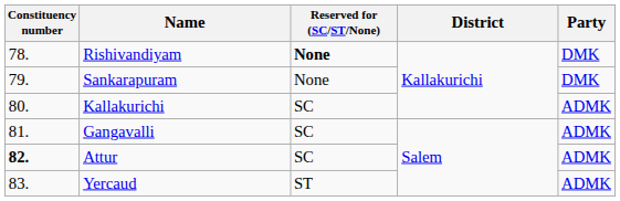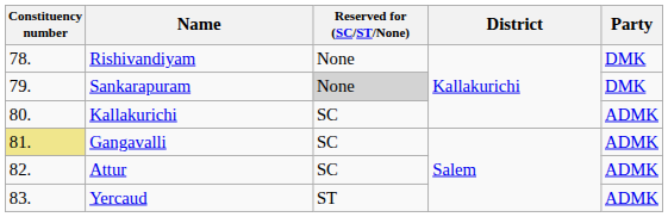 <table class="wikitable sortable">
 <tr>
 <th width="50px" style="font-size:75%">Constituency number</th>
 <th width="200px">Name</th>
 <th width="100px" style="font-size:75%">Reserved for (<a href='#'>SC</a>/<a href='#'>ST</a>/None)</th>
 <th width="150px">District</th>
 <th>Party</th>
 </tr>
 <tr>
 <td>78.</td>
 <td><a href='#'>Rishivandiyam</a></td>
-<td><strong>None</strong></td>
+<td>None</td>
 <td rowspan="3"><a href='#'>Kallakurichi</a></td>
 <td><a href='#'>DMK</a></td>
 </tr>
 <tr>
 <td>79.</td>
 <td><a href='#'>Sankarapuram</a></td>
-<td>None</td>
+<td style="background: lightgrey;">None</td>
 <td><a href='#'>DMK</a></td>
 </tr>
 <tr>
 <td>80.</td>
 <td><a href='#'>Kallakurichi</a></td>
 <td>SC</td>
 <td><a href='#'>ADMK</a></td>
 </tr>
 <tr>
-<td>81.</td>
+<td style="background: khaki;">81.</td>
 <td><a href='#'>Gangavalli</a></td>
 <td>SC</td>
 <td rowspan="3"><a href='#'>Salem</a></td>
 <td><a href='#'>ADMK</a></td>
 </tr>
 <tr>
-<td><strong>82.</strong></td>
+<td>82.</td>
 <td><a href='#'>Attur</a></td>
 <td>SC</td>
 <td><a href='#'>ADMK</a></td>
 </tr>
 <tr>
 <td>83.</td>
 <td><a href='#'>Yercaud</a></td>
 <td>ST</td>
 <td><a href='#'>ADMK</a></td>
 </tr>
 </table>
